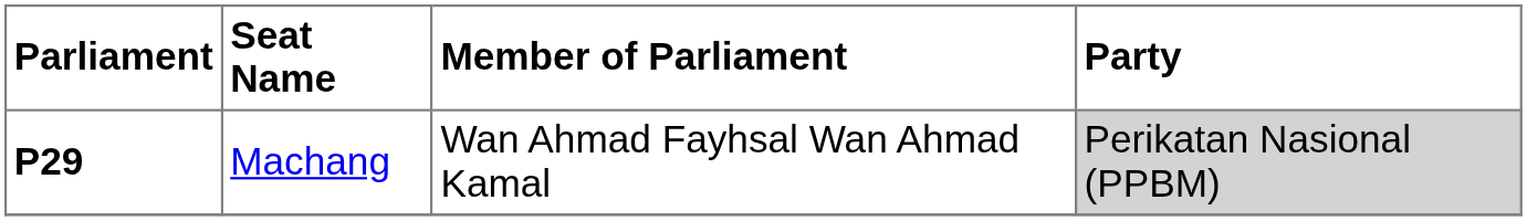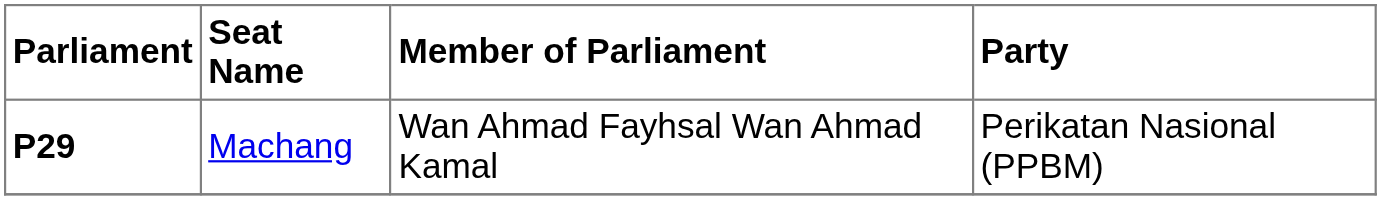 <table class="toccolours sortable" border="1" cellpadding="3" style="border-collapse:collapse; text-align: left;">
 <tr>
 <th align="center">Parliament</th>
 <th>Seat Name</th>
 <th>Member of Parliament</th>
 <th>Party</th>
 </tr>
 <tr>
 <th align="left">P29</th>
 <td><a href='#'>Machang</a></td>
 <td>Wan Ahmad Fayhsal Wan Ahmad Kamal</td>
-<td style="background: lightgrey;">Perikatan Nasional (PPBM)</td>
+<td>Perikatan Nasional (PPBM)</td>
 </tr>
 <tr>
 </tr>
 </table>
